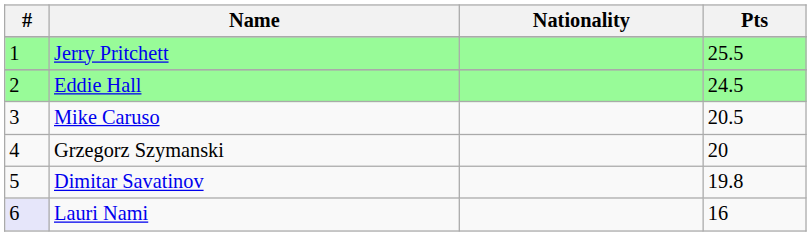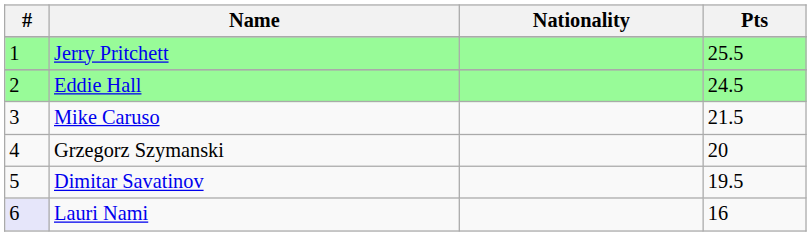 <table class="wikitable" style="display: inline-table; width: 50%;">
 <tr>
 <th>#</th>
 <th>Name</th>
 <th>Nationality</th>
 <th>Pts</th>
 </tr>
 <tr>
 </tr>
 <tr style="background:palegreen">
 <td>1</td>
 <td><a href='#'>Jerry Pritchett</a></td>
 <td></td>
 <td>25.5</td>
 </tr>
 <tr>
 </tr>
 <tr style="background:palegreen">
 <td>2</td>
 <td><a href='#'>Eddie Hall</a></td>
 <td></td>
 <td>24.5</td>
 </tr>
 <tr>
 <td>3</td>
 <td><a href='#'>Mike Caruso</a></td>
 <td></td>
-<td>20.5</td>
+<td>21.5</td>
 </tr>
 <tr>
 <td>4</td>
 <td>Grzegorz Szymanski</td>
 <td></td>
 <td>20</td>
 </tr>
 <tr>
 <td>5</td>
 <td><a href='#'>Dimitar Savatinov</a></td>
 <td></td>
-<td>19.8</td>
+<td>19.5</td>
 </tr>
 <tr>
 <td style="background: lavender;">6</td>
 <td><a href='#'>Lauri Nami</a></td>
 <td></td>
 <td>16</td>
 </tr>
 </table>
